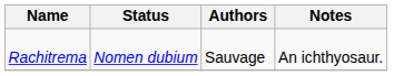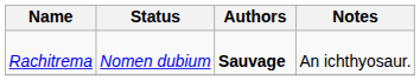 <table class="wikitable sortable">
 <tr>
 <th>Name</th>
 <th>Status</th>
 <th colspan="2">Authors</th>
 <th>Notes</th>
 </tr>
 <tr>
 <td><br><em><a href='#'>Rachitrema</a></em></td>
 <td><br><em><a href='#'>Nomen dubium</a></em></td>
-<td style="border-right:0px" valign="top"><br>Sauvage</td>
+<td style="border-right:0px" valign="top"><strong><br>Sauvage</strong></td>
 <td style="border-left:0px" valign="top"></td>
 <td><br>An ichthyosaur.</td>
 </tr>
 <tr>
 </tr>
 </table>
